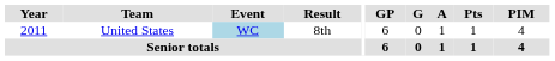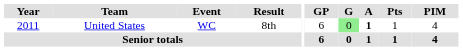 <table border="0" cellpadding="1" cellspacing="0" ID="Table3" style="text-align:center; width:40em">
 <tr ALIGN="center" bgcolor="#e0e0e0">
 <th>Year</th>
 <th>Team</th>
 <th>Event</th>
 <th>Result</th>
 <th rowspan="99" bgcolor="#ffffff"></th>
 <th>GP</th>
 <th>G</th>
 <th>A</th>
 <th>Pts</th>
 <th>PIM</th>
 </tr>
 <tr>
 <td><a href='#'>2011</a></td>
 <td><a href='#'>United States</a></td>
-<td style="background: lightblue;"><a href='#'>WC</a></td>
+<td><a href='#'>WC</a></td>
 <td>8th</td>
 <td>6</td>
-<td>0</td>
-<td>1</td>
+<td style="background: lightgreen;">0</td>
+<td><strong>1</strong></td>
 <td>1</td>
 <td>4</td>
 </tr>
 <tr bgcolor="#e0e0e0">
 <th colspan=4>Senior totals</th>
 <th>6</th>
 <th>0</th>
 <th>1</th>
 <th>1</th>
 <th>4</th>
 </tr>
 </table>
